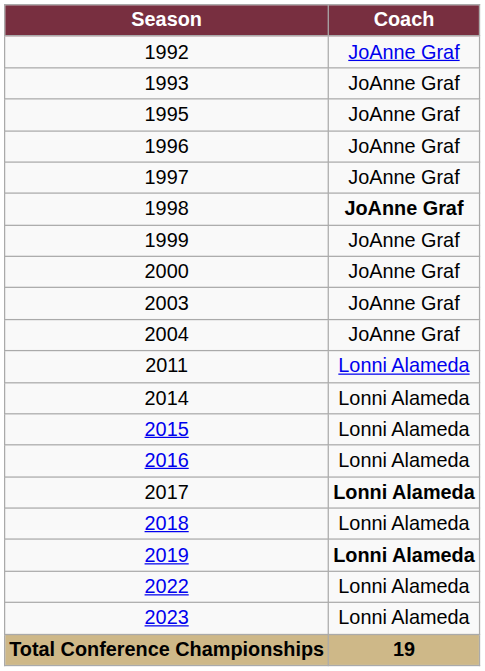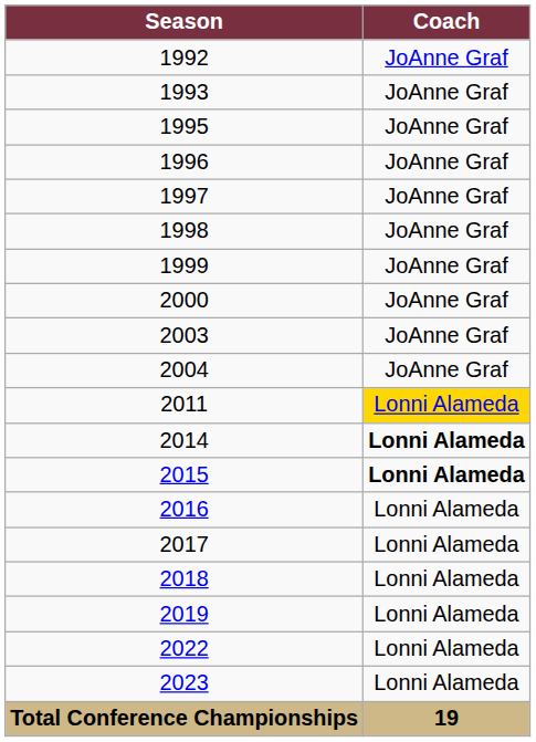 <table class="wikitable">
 <tr>
 <th style="background:#782F40; color:white;">Season</th>
 <th style="background:#782F40; color:white;">Coach</th>
 </tr>
 <tr style="text-align:center;">
 <td>1992</td>
 <td><a href='#'>JoAnne Graf</a></td>
 </tr>
 <tr style="text-align:center;">
 <td>1993</td>
 <td>JoAnne Graf</td>
 </tr>
 <tr style="text-align:center;">
 <td>1995</td>
 <td>JoAnne Graf</td>
 </tr>
 <tr style="text-align:center;">
 <td>1996</td>
 <td>JoAnne Graf</td>
 </tr>
 <tr style="text-align:center;">
 <td>1997</td>
 <td>JoAnne Graf</td>
 </tr>
 <tr style="text-align:center;">
 <td>1998</td>
-<td><strong>JoAnne Graf</strong></td>
+<td>JoAnne Graf</td>
 </tr>
 <tr style="text-align:center;">
 <td>1999</td>
 <td>JoAnne Graf</td>
 </tr>
 <tr style="text-align:center;">
 <td>2000</td>
 <td>JoAnne Graf</td>
 </tr>
 <tr style="text-align:center;">
 <td>2003</td>
 <td>JoAnne Graf</td>
 </tr>
 <tr style="text-align:center;">
 <td>2004</td>
 <td>JoAnne Graf</td>
 </tr>
 <tr style="text-align:center;">
 <td>2011</td>
-<td><a href='#'>Lonni Alameda</a></td>
+<td style="background: gold;"><a href='#'>Lonni Alameda</a></td>
 </tr>
 <tr style="text-align:center;">
 <td>2014</td>
-<td>Lonni Alameda</td>
+<td><strong>Lonni Alameda</strong></td>
 </tr>
 <tr style="text-align:center;">
 <td><a href='#'>2015</a></td>
-<td>Lonni Alameda</td>
+<td><strong>Lonni Alameda</strong></td>
 </tr>
 <tr style="text-align:center;">
 <td><a href='#'>2016</a></td>
 <td>Lonni Alameda</td>
 </tr>
 <tr style="text-align:center;">
 <td>2017</td>
-<td><strong>Lonni Alameda</strong></td>
+<td>Lonni Alameda</td>
 </tr>
 <tr style="text-align:center;">
 <td><a href='#'>2018</a></td>
 <td>Lonni Alameda</td>
 </tr>
 <tr style="text-align:center;">
 <td><a href='#'>2019</a></td>
-<td><strong>Lonni Alameda</strong></td>
+<td>Lonni Alameda</td>
 </tr>
 <tr style="text-align:center;">
 <td><a href='#'>2022</a></td>
 <td>Lonni Alameda</td>
 </tr>
 <tr style="text-align:center;">
 <td><a href='#'>2023</a></td>
 <td>Lonni Alameda</td>
 </tr>
 <tr style="text-align:center;">
 <th colspan="1;" style="background:#CEB888; color:black;">Total Conference Championships</th>
 <th colspan="1;" style="background:#CEB888; color:black;">19</th>
 </tr>
 </table>
